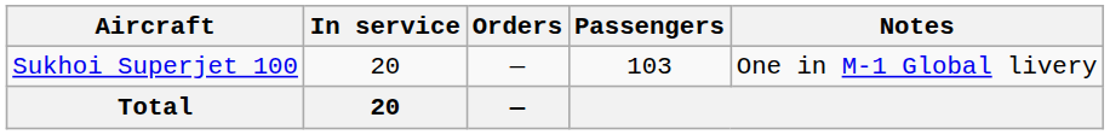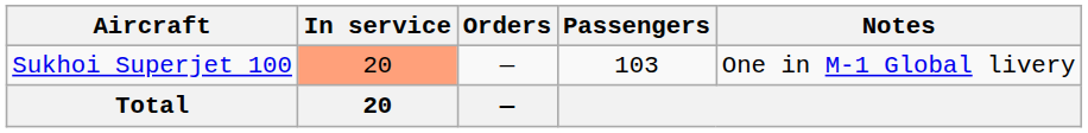 <table class="wikitable" style="margin:0.5em auto;text-align:center">
 <tr>
 <th>Aircraft</th>
 <th>In service</th>
 <th>Orders</th>
 <th>Passengers</th>
 <th>Notes</th>
 </tr>
 <tr>
 <td><a href='#'>Sukhoi Superjet 100</a></td>
-<td>20</td>
+<td style="background: lightsalmon;">20</td>
 <td>—</td>
 <td>103</td>
 <td>One in <a href='#'>M-1 Global</a> livery</td>
 </tr>
 <tr>
 <th>Total</th>
 <th>20</th>
 <th>—</th>
 <th colspan="2"></th>
 </tr>
 </table>
